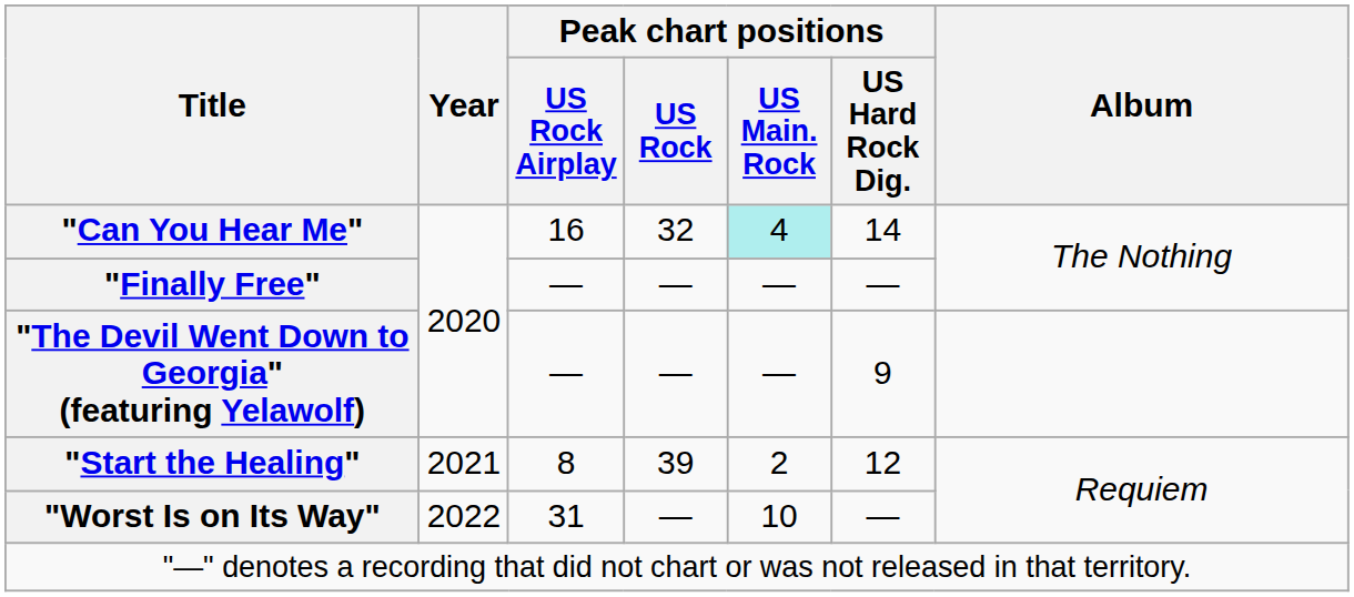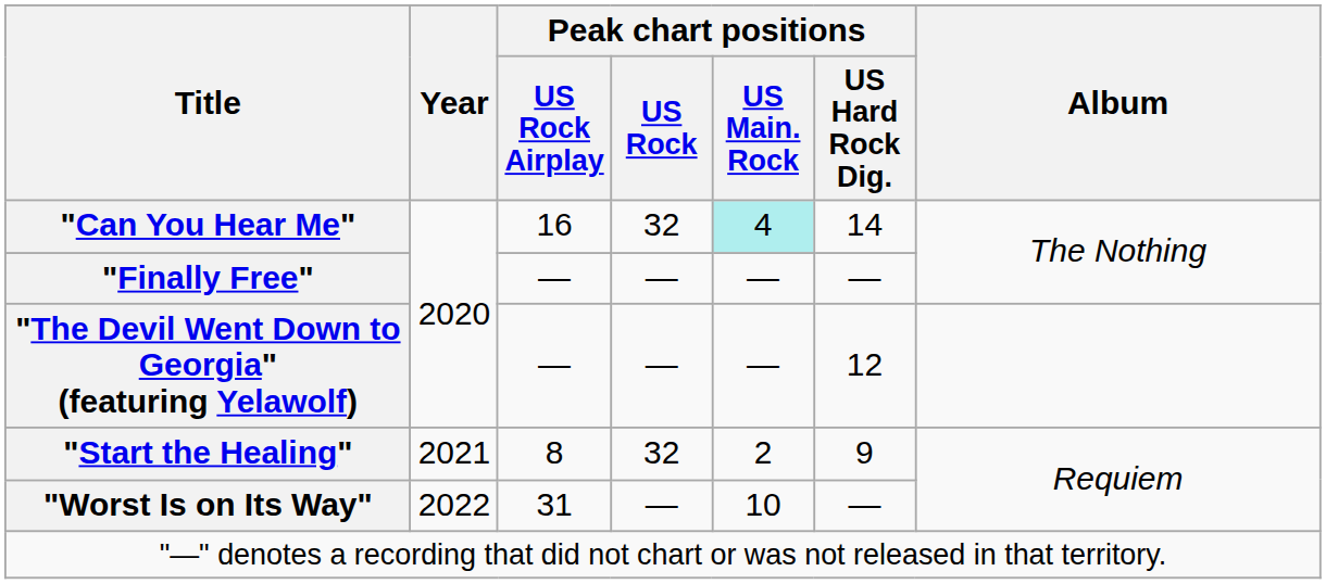 <table class="wikitable plainrowheaders" style="text-align:center;">
 <tr>
 <th scope="col" rowspan="2" style="width:12em;">Title</th>
 <th scope="col" rowspan="2">Year</th>
 <th scope="col" colspan="4">Peak chart positions</th>
 <th scope="col" rowspan="2" style="width:12em;">Album</th>
 </tr>
 <tr>
 <th scope="col" style="width:3em;font-size:90%;"><a href='#'>US<br>Rock Airplay</a><br></th>
 <th scope="col" style="width:3em;font-size:90%;"><a href='#'>US<br>Rock</a><br></th>
 <th scope="col" style="width:3em;font-size:90%;"><a href='#'>US<br>Main.<br>Rock</a><br></th>
 <th scope="col" style="width:3em;font-size:90%;">US Hard Rock Dig.<br></th>
 </tr>
 <tr>
 <th scope="row">"<a href='#'>Can You Hear Me</a>"</th>
 <td rowspan="3">2020</td>
 <td>16</td>
 <td>32</td>
 <td style="background: paleturquoise;">4</td>
 <td>14</td>
 <td rowspan="2"><em>The Nothing</em></td>
 </tr>
 <tr>
 <th scope="row">"<a href='#'>Finally Free</a>"</th>
 <td>—</td>
 <td>—</td>
 <td>—</td>
 <td>—</td>
 </tr>
 <tr>
 <th scope="row">"<a href='#'>The Devil Went Down to Georgia</a>"<br><span>(featuring <a href='#'>Yelawolf</a>)</span></th>
 <td>—</td>
 <td>—</td>
 <td>—</td>
-<td>9</td>
+<td>12</td>
 <td></td>
 </tr>
 <tr>
 <th scope="row">"<a href='#'>Start the Healing</a>"</th>
 <td>2021</td>
 <td>8</td>
-<td>39</td>
+<td>32</td>
 <td>2</td>
-<td>12</td>
+<td>9</td>
 <td rowspan="2"><em>Requiem</em></td>
 </tr>
 <tr>
 <th scope="row">"Worst Is on Its Way"</th>
 <td>2022</td>
 <td>31</td>
 <td>—</td>
 <td>10</td>
 <td>—</td>
 </tr>
 <tr>
 <td colspan="14" style="font-size:90%">"—" denotes a recording that did not chart or was not released in that territory.</td>
 </tr>
 </table>
